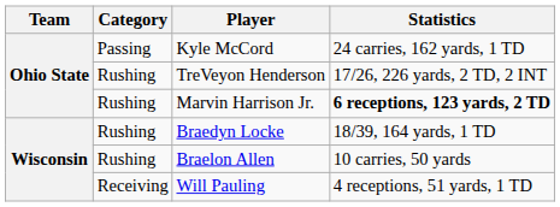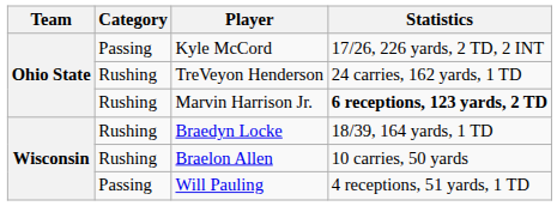 <table class="wikitable" style="float:right">
 <tr>
 <th>Team</th>
 <th>Category</th>
 <th>Player</th>
 <th>Statistics</th>
 </tr>
 <tr>
 <th rowspan=3>Ohio State</th>
 <td>Passing</td>
 <td>Kyle McCord</td>
-<td>24 carries, 162 yards, 1 TD</td>
+<td>17/26, 226 yards, 2 TD, 2 INT</td>
 </tr>
 <tr>
 <td>Rushing</td>
 <td>TreVeyon Henderson</td>
-<td>17/26, 226 yards, 2 TD, 2 INT</td>
+<td>24 carries, 162 yards, 1 TD</td>
 </tr>
 <tr>
 <td>Rushing</td>
 <td>Marvin Harrison Jr.</td>
 <td><strong>6 receptions, 123 yards, 2 TD</strong></td>
 </tr>
 <tr>
 <th rowspan=3>Wisconsin</th>
 <td>Rushing</td>
 <td><a href='#'>Braedyn Locke</a></td>
 <td>18/39, 164 yards, 1 TD</td>
 </tr>
 <tr>
 <td>Rushing</td>
 <td><a href='#'>Braelon Allen</a></td>
 <td>10 carries, 50 yards</td>
 </tr>
 <tr>
-<td>Receiving</td>
+<td>Passing</td>
 <td><a href='#'>Will Pauling</a></td>
 <td>4 receptions, 51 yards, 1 TD</td>
 </tr>
 </table>
